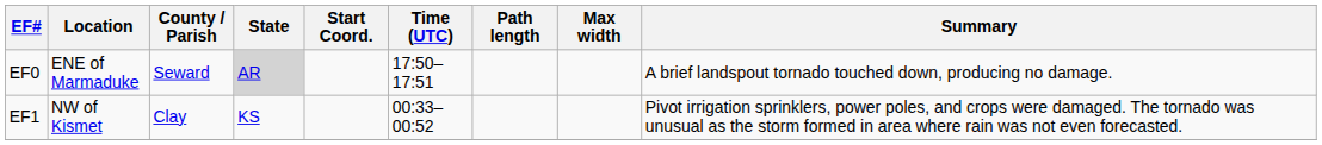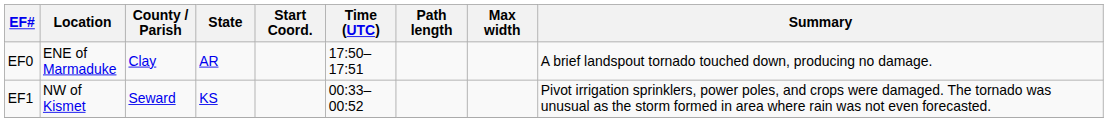 <table class="wikitable sortable" style="width:100%;">
 <tr>
 <th scope="col"  style="width:3%; text-align:center;"><a href='#'>EF#</a></th>
 <th scope="col"  style="width:7%; text-align:center;" class="unsortable">Location</th>
 <th scope="col"  style="width:6%; text-align:center;" class="unsortable">County / Parish</th>
 <th scope="col"  style="width:5%; text-align:center;">State</th>
 <th scope="col"  style="width:6%; text-align:center;">Start Coord.</th>
 <th scope="col"  style="width:6%; text-align:center;">Time (<a href='#'>UTC</a>)</th>
 <th scope="col"  style="width:6%; text-align:center;">Path length</th>
 <th scope="col"  style="width:6%; text-align:center;">Max width</th>
 <th scope="col" class="unsortable" style="width:48%; text-align:center;">Summary</th>
 </tr>
 <tr>
 <td>EF0</td>
 <td>ENE of <a href='#'>Marmaduke</a></td>
-<td><a href='#'>Seward</a></td>
-<td style="background: lightgrey;"><a href='#'>AR</a></td>
+<td><a href='#'>Clay</a></td>
+<td><a href='#'>AR</a></td>
 <td></td>
 <td>17:50–17:51</td>
 <td></td>
 <td></td>
 <td>A brief landspout tornado touched down, producing no damage.</td>
 </tr>
 <tr>
 <td>EF1</td>
 <td>NW of <a href='#'>Kismet</a></td>
-<td><a href='#'>Clay</a></td>
+<td><a href='#'>Seward</a></td>
 <td><a href='#'>KS</a></td>
 <td></td>
 <td>00:33–00:52</td>
 <td></td>
 <td></td>
 <td>Pivot irrigation sprinklers, power poles, and crops were damaged. The tornado was unusual as the storm formed in area where rain was not even forecasted.</td>
 </tr>
 <tr>
 </tr>
 </table>
